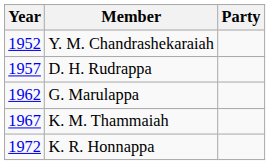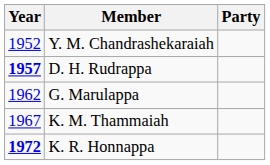 <table class="wikitable sortable">
 <tr>
 <th>Year</th>
 <th>Member</th>
 <th colspan="2">Party</th>
 </tr>
 <tr>
 <td><a href='#'>1952</a></td>
 <td>Y. M. Chandrashekaraiah</td>
 <td></td>
 </tr>
 <tr>
-<td><a href='#'>1957</a></td>
+<td><strong><a href='#'>1957</a></strong></td>
 <td>D. H. Rudrappa</td>
 </tr>
 <tr>
 <td><a href='#'>1962</a></td>
 <td>G. Marulappa</td>
 <td></td>
 </tr>
 <tr>
 <td><a href='#'>1967</a></td>
 <td>K. M. Thammaiah</td>
 <td></td>
 </tr>
 <tr>
-<td><a href='#'>1972</a></td>
+<td><strong><a href='#'>1972</a></strong></td>
 <td>K. R. Honnappa</td>
 <td></td>
 </tr>
 </table>
